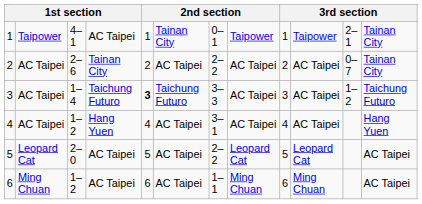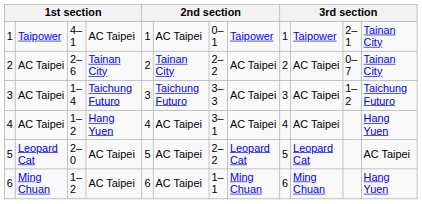 <table class="wikitable">
 <tr>
 <th colspan="4">1st section</th>
 <th colspan="4">2nd section</th>
 <th colspan="4">3rd section</th>
 </tr>
 <tr>
 <td>1</td>
 <td><a href='#'>Taipower</a></td>
 <td>4–1</td>
 <td>AC Taipei</td>
 <td>1</td>
-<td><a href='#'>Tainan City</a></td>
+<td>AC Taipei</td>
 <td>0–1</td>
 <td><a href='#'>Taipower</a></td>
 <td>1</td>
 <td><a href='#'>Taipower</a></td>
 <td>2–1</td>
 <td><a href='#'>Tainan City</a></td>
 </tr>
 <tr>
 <td>2 </td>
 <td>AC Taipei</td>
 <td>2–6</td>
 <td><a href='#'>Tainan City</a></td>
 <td>2</td>
-<td>AC Taipei</td>
+<td><a href='#'>Tainan City</a></td>
 <td>2–2</td>
 <td>AC Taipei</td>
 <td>2</td>
 <td>AC Taipei</td>
 <td>0–7</td>
 <td><a href='#'>Tainan City</a></td>
 </tr>
 <tr>
 <td>3</td>
 <td>AC Taipei</td>
 <td>1–4</td>
 <td><a href='#'>Taichung Futuro</a></td>
-<td><strong>3</strong></td>
+<td>3</td>
 <td><a href='#'>Taichung Futuro</a></td>
 <td>3–3</td>
 <td>AC Taipei</td>
 <td>3</td>
 <td>AC Taipei</td>
 <td>1–2</td>
 <td><a href='#'>Taichung Futuro</a></td>
 </tr>
 <tr>
 <td>4</td>
 <td>AC Taipei</td>
 <td>1–2</td>
 <td><a href='#'>Hang Yuen</a></td>
 <td>4</td>
 <td>AC Taipei</td>
 <td>3–1</td>
 <td>AC Taipei</td>
 <td>4</td>
 <td>AC Taipei</td>
 <td></td>
 <td><a href='#'>Hang Yuen</a></td>
 </tr>
 <tr>
 <td>5</td>
 <td><a href='#'>Leopard Cat</a></td>
 <td>2–0</td>
 <td>AC Taipei</td>
 <td>5</td>
 <td>AC Taipei</td>
 <td>2–2</td>
 <td><a href='#'>Leopard Cat</a></td>
 <td>5</td>
 <td><a href='#'>Leopard Cat</a></td>
 <td></td>
 <td>AC Taipei</td>
 </tr>
 <tr>
 <td>6</td>
 <td><a href='#'>Ming Chuan</a></td>
 <td>1–2</td>
 <td>AC Taipei</td>
 <td>6</td>
 <td>AC Taipei</td>
 <td>1–1</td>
 <td><a href='#'>Ming Chuan</a></td>
 <td>6</td>
 <td><a href='#'>Ming Chuan</a></td>
 <td></td>
-<td>AC Taipei</td>
+<td><a href='#'>Hang Yuen</a></td>
 </tr>
 </table>
